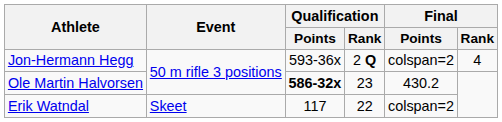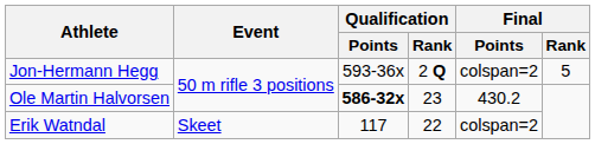 <table class="wikitable" style="font-size:90%">
 <tr>
 <th rowspan="2">Athlete</th>
 <th rowspan="2">Event</th>
 <th colspan=2>Qualification</th>
 <th colspan=2>Final</th>
 </tr>
 <tr style="font-size:95%">
 <th>Points</th>
 <th>Rank</th>
 <th>Points</th>
 <th>Rank</th>
 </tr>
 <tr align=center>
 <td align=left><a href='#'>Jon-Hermann Hegg</a></td>
 <td align=left rowspan=2><a href='#'>50 m rifle 3 positions</a></td>
 <td>593-36x</td>
 <td>2 <strong>Q</strong></td>
 <td>colspan=2 </td>
-<td>4</td>
+<td>5</td>
 </tr>
 <tr align=center>
 <td align=left><a href='#'>Ole Martin Halvorsen</a></td>
 <td><strong>586-32x</strong></td>
 <td>23</td>
 <td>430.2</td>
 </tr>
 <tr align=center>
 <td align=left><a href='#'>Erik Watndal</a></td>
 <td align=left><a href='#'>Skeet</a></td>
 <td>117</td>
 <td>22</td>
 <td>colspan=2 </td>
 </tr>
 </table>
